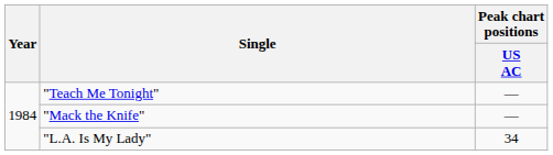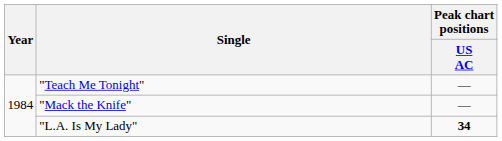 <table class="wikitable" plainrowheaders" style="text-align:center">
 <tr>
 <th rowspan="2">Year</th>
 <th rowspan="2" style=width:30em;>Single</th>
 <th colspan="1">Peak chart<br>positions</th>
 </tr>
 <tr>
 <th><a href='#'>US<br>AC</a><br></th>
 </tr>
 <tr>
 <td rowspan="3">1984</td>
 <td style="text-align:left;">"<a href='#'>Teach Me Tonight</a>"</td>
 <td>—</td>
 </tr>
 <tr>
 <td style="text-align:left;">"<a href='#'>Mack the Knife</a>"</td>
 <td>—</td>
 </tr>
 <tr>
 <td style="text-align:left;">"L.A. Is My Lady"</td>
-<td>34</td>
+<td><strong>34</strong></td>
 </tr>
 </table>
